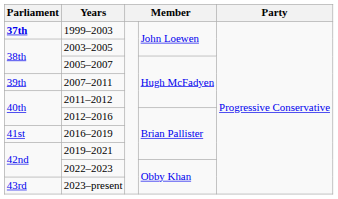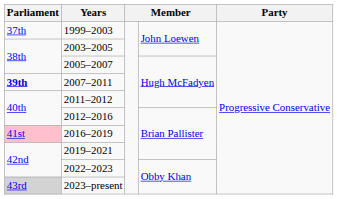 <table class="wikitable">
 <tr>
 <th>Parliament</th>
 <th>Years</th>
 <th colspan="2">Member</th>
 <th>Party<br></th>
 </tr>
 <tr>
-<td><strong><a href='#'>37th</a></strong></td>
+<td><a href='#'>37th</a></td>
 <td>1999–2003</td>
 <td rowspan="10" >   </td>
 <td rowspan="2"><a href='#'>John Loewen</a></td>
 <td rowspan="10"><a href='#'>Progressive Conservative</a></td>
 </tr>
 <tr>
 <td rowspan=2><a href='#'>38th</a></td>
 <td>2003–2005</td>
 </tr>
 <tr>
 <td>2005–2007</td>
 <td rowspan="3"><a href='#'>Hugh McFadyen</a></td>
 </tr>
 <tr>
-<td><a href='#'>39th</a></td>
+<td><strong><a href='#'>39th</a></strong></td>
 <td>2007–2011</td>
 </tr>
 <tr>
 <td rowspan="2"><a href='#'>40th</a></td>
 <td>2011–2012</td>
 </tr>
 <tr>
 <td>2012–2016</td>
 <td rowspan="3"><a href='#'>Brian Pallister</a></td>
 </tr>
 <tr>
-<td><a href='#'>41st</a></td>
+<td style="background: pink;"><a href='#'>41st</a></td>
 <td>2016–2019</td>
 </tr>
 <tr>
 <td rowspan="2"><a href='#'>42nd</a></td>
 <td>2019–2021</td>
 </tr>
 <tr>
 <td>2022–2023</td>
 <td rowspan="2"><a href='#'>Obby Khan</a></td>
 </tr>
 <tr>
-<td><a href='#'>43rd</a></td>
+<td style="background: lightgrey;"><a href='#'>43rd</a></td>
 <td>2023–present</td>
 </tr>
 </table>
